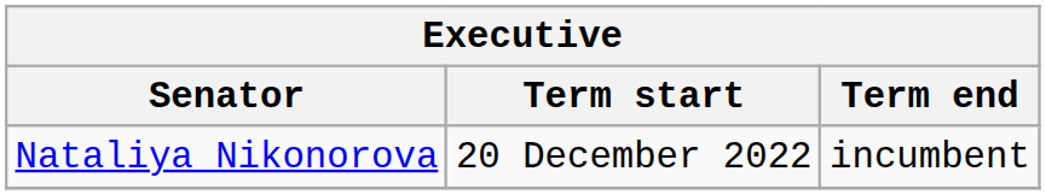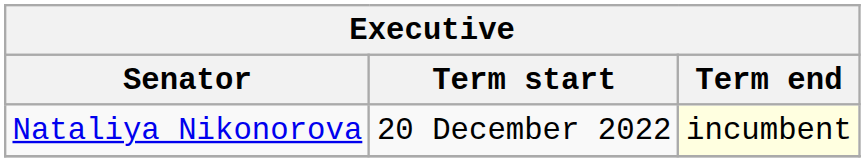 <table class="wikitable sortable">
 <tr>
 <th colspan=3>Executive</th>
 </tr>
 <tr>
 <th>Senator</th>
 <th>Term start</th>
 <th>Term end</th>
 </tr>
 <tr>
 <td><a href='#'>Nataliya Nikonorova</a></td>
 <td>20 December 2022</td>
-<td>incumbent</td>
+<td style="background: lightyellow;">incumbent</td>
 </tr>
 <tr>
 </tr>
 </table>
